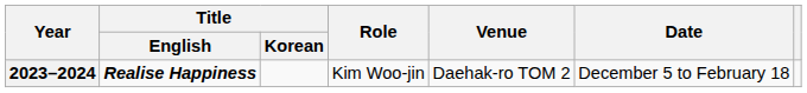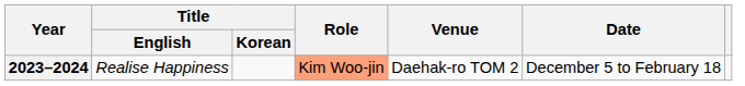 <table class="wikitable sortable plainrowheaders" style="text-align:left; font-size:100%;">
 <tr>
 <th scope="col" rowspan="2">Year</th>
 <th scope="col" colspan="2">Title</th>
 <th scope="col" rowspan="2">Role</th>
 <th scope="col" rowspan="2" class="unsortable">Venue</th>
 <th scope="col" rowspan="2">Date</th>
 <th rowspan="2" scope="col" class="unsortable"></th>
 </tr>
 <tr>
 <th>English</th>
 <th>Korean</th>
 </tr>
 <tr>
 <th scope="row">2023–2024</th>
-<td><strong><em>Realise Happiness</em></strong></td>
+<td><em>Realise Happiness</em></td>
 <td></td>
-<td>Kim Woo-jin</td>
+<td style="background: lightsalmon;">Kim Woo-jin</td>
 <td>Daehak-ro TOM 2</td>
 <td>December 5 to February 18</td>
 <td style="text-align:center;"></td>
 </tr>
 </table>
